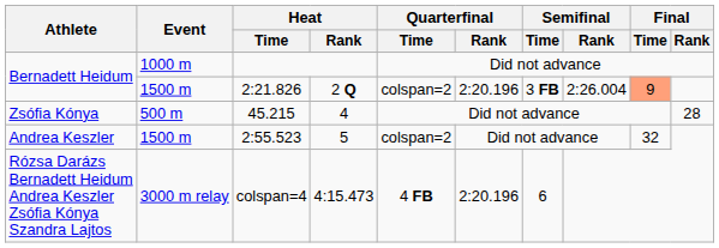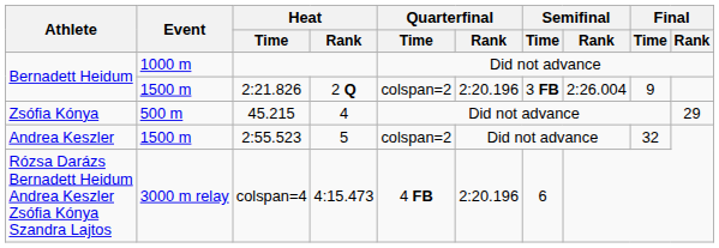 <table class="wikitable" style="font-size:90%">
 <tr>
 <th rowspan=2>Athlete</th>
 <th rowspan=2>Event</th>
 <th colspan=2>Heat</th>
 <th colspan=2>Quarterfinal</th>
 <th colspan=2>Semifinal</th>
 <th colspan=2>Final</th>
 </tr>
 <tr style="font-size:95%">
 <th>Time</th>
 <th>Rank</th>
 <th>Time</th>
 <th>Rank</th>
 <th>Time</th>
 <th>Rank</th>
 <th>Time</th>
 <th>Rank</th>
 </tr>
 <tr align=center>
 <td align=left rowspan=2><a href='#'>Bernadett Heidum</a></td>
 <td align=left><a href='#'>1000 m</a></td>
 <td colspan=2></td>
 <td colspan=6>Did not advance</td>
 </tr>
 <tr align=center>
 <td align=left><a href='#'>1500 m</a></td>
 <td>2:21.826</td>
 <td>2 <strong>Q</strong></td>
 <td>colspan=2 </td>
 <td>2:20.196</td>
 <td>3 <strong>FB</strong></td>
 <td>2:26.004</td>
-<td style="background: lightsalmon;">9</td>
+<td>9</td>
 </tr>
 <tr align=center>
 <td align=left><a href='#'>Zsófia Kónya</a></td>
 <td align=left><a href='#'>500 m</a></td>
 <td>45.215</td>
 <td>4</td>
 <td colspan=5>Did not advance</td>
-<td>28</td>
+<td>29</td>
 </tr>
 <tr align=center>
 <td align=left><a href='#'>Andrea Keszler</a></td>
 <td align=left><a href='#'>1500 m</a></td>
 <td>2:55.523</td>
 <td>5</td>
 <td>colspan=2 </td>
 <td colspan=3>Did not advance</td>
 <td>32</td>
 </tr>
 <tr align=center>
 <td align=left><a href='#'>Rózsa Darázs</a><br><a href='#'>Bernadett Heidum</a><br><a href='#'>Andrea Keszler</a><br><a href='#'>Zsófia Kónya</a><br><a href='#'>Szandra Lajtos</a></td>
 <td align=left><a href='#'>3000 m relay</a></td>
 <td>colspan=4 </td>
 <td>4:15.473</td>
 <td>4 <strong>FB</strong></td>
 <td>2:20.196</td>
 <td>6</td>
 </tr>
 </table>
